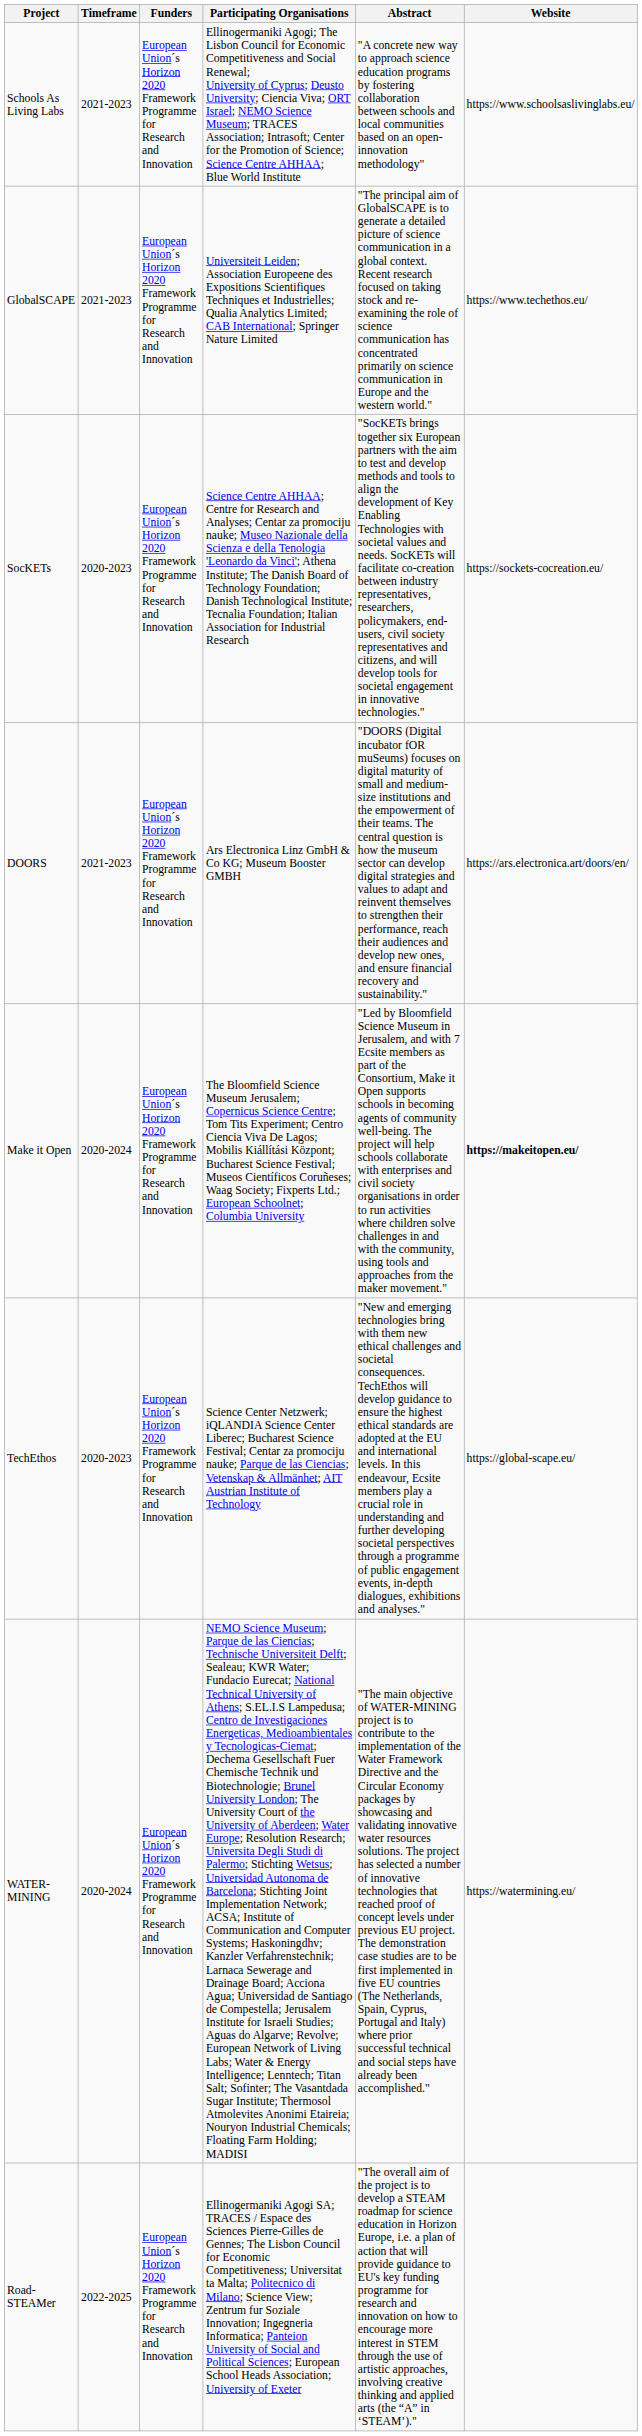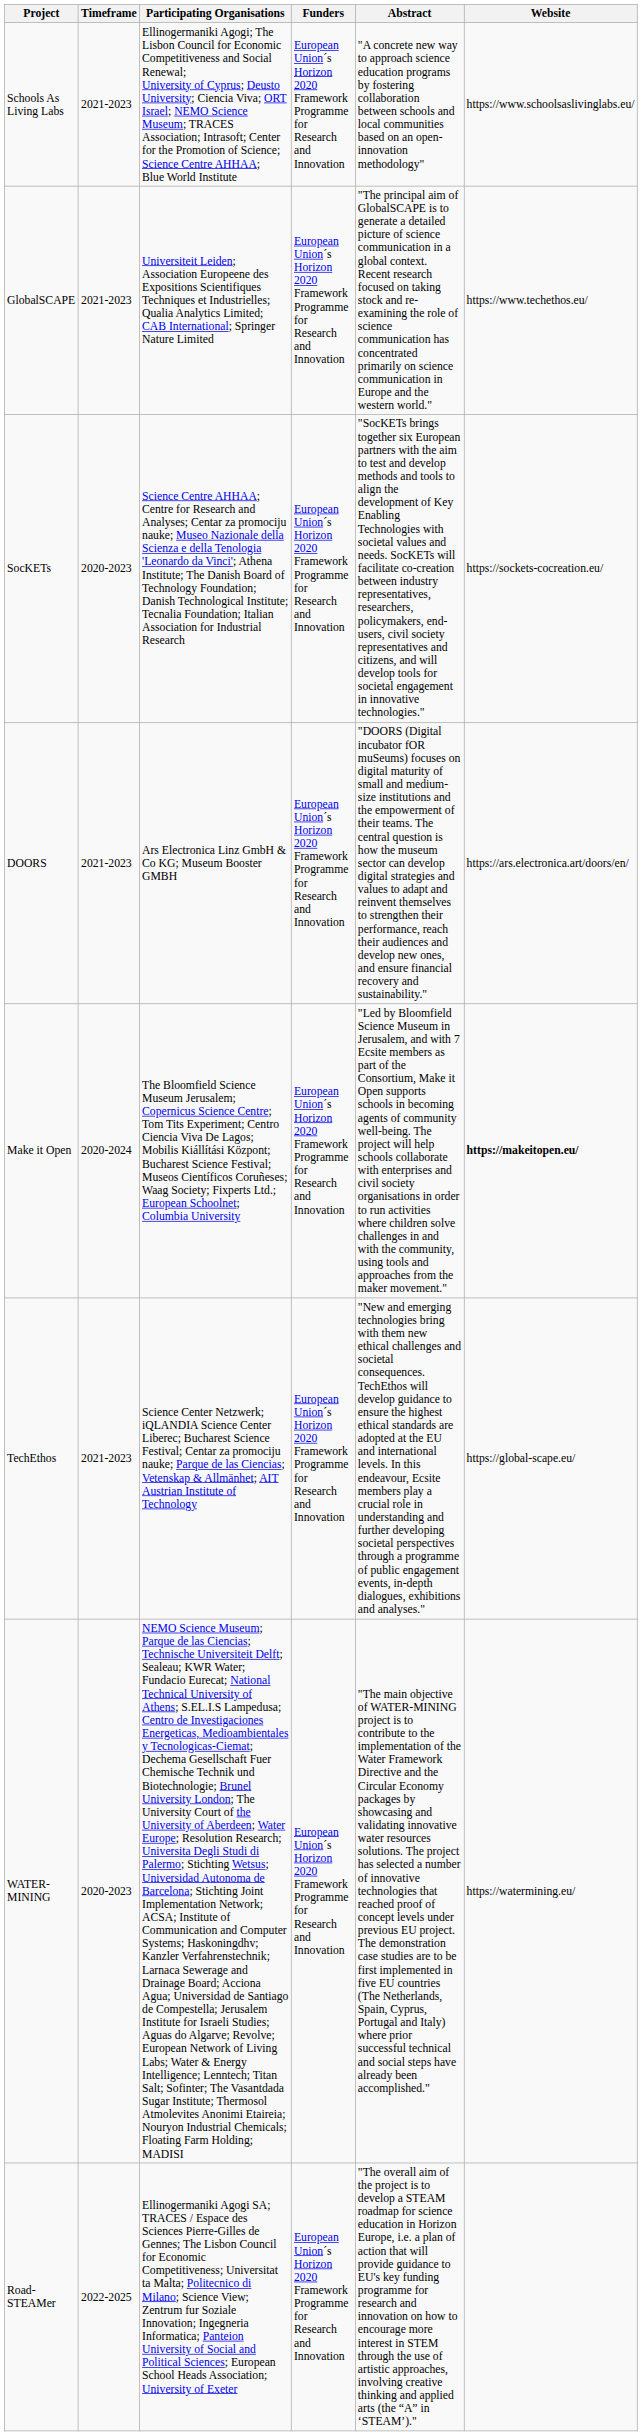 <table class="wikitable">
 <tr>
 <th>Project</th>
 <th>Timeframe</th>
+<th>Participating Organisations</th>
 <th>Funders</th>
-<th>Participating Organisations</th>
 <th>Abstract</th>
 <th>Website</th>
 </tr>
 <tr>
 <td>Schools As Living Labs</td>
 <td>2021-2023</td>
+<td>Ellinogermaniki Agogi; The Lisbon Council for Economic Competitiveness and Social Renewal;<br><a href='#'>University of Cyprus</a>; <a href='#'>Deusto University</a>; Ciencia Viva; <a href='#'>ORT Israel</a>; <a href='#'>NEMO Science Museum</a>; TRACES Association; Intrasoft; Center for the Promotion of Science; <a href='#'>Science Centre AHHAA</a>;<br>Blue World Institute</td>
 <td><a href='#'>European Union</a>´s <a href='#'>Horizon 2020</a> Framework Programme for Research and Innovation</td>
-<td>Ellinogermaniki Agogi; The Lisbon Council for Economic Competitiveness and Social Renewal;<br><a href='#'>University of Cyprus</a>; <a href='#'>Deusto University</a>; Ciencia Viva; <a href='#'>ORT Israel</a>; <a href='#'>NEMO Science Museum</a>; TRACES Association; Intrasoft; Center for the Promotion of Science; <a href='#'>Science Centre AHHAA</a>;<br>Blue World Institute</td>
 <td>"A concrete new way to approach science education programs by fostering collaboration between schools and local communities based on an open-innovation methodology"</td>
 <td>https://www.schoolsaslivinglabs.eu/</td>
 </tr>
 <tr>
 <td>GlobalSCAPE</td>
 <td>2021-2023</td>
+<td><a href='#'>Universiteit Leiden</a>; Association Europeene des Expositions Scientifiques Techniques et Industrielles; Qualia Analytics Limited; <a href='#'>CAB International</a>; Springer Nature Limited</td>
 <td><a href='#'>European Union</a>´s <a href='#'>Horizon 2020</a> Framework Programme for Research and Innovation</td>
-<td><a href='#'>Universiteit Leiden</a>; Association Europeene des Expositions Scientifiques Techniques et Industrielles; Qualia Analytics Limited; <a href='#'>CAB International</a>; Springer Nature Limited</td>
 <td>"The principal aim of GlobalSCAPE is to generate a detailed picture of science communication in a global context. Recent research focused on taking stock and re-examining the role of science communication has concentrated primarily on science communication in Europe and the western world."</td>
 <td>https://www.techethos.eu/</td>
 </tr>
 <tr>
 <td>SocKETs</td>
 <td>2020-2023</td>
+<td><a href='#'>Science Centre AHHAA</a>; Centre for Research and Analyses; Centar za promociju nauke; <a href='#'>Museo Nazionale della Scienza e della Tenologia 'Leonardo da Vinci'</a>; Athena Institute; The Danish Board of Technology Foundation; Danish Technological Institute; Tecnalia Foundation; Italian Association for Industrial Research</td>
 <td><a href='#'>European Union</a>´s <a href='#'>Horizon 2020</a> Framework Programme for Research and Innovation</td>
-<td><a href='#'>Science Centre AHHAA</a>; Centre for Research and Analyses; Centar za promociju nauke; <a href='#'>Museo Nazionale della Scienza e della Tenologia 'Leonardo da Vinci'</a>; Athena Institute; The Danish Board of Technology Foundation; Danish Technological Institute; Tecnalia Foundation; Italian Association for Industrial Research</td>
 <td>"SocKETs brings together six European partners with the aim to test and develop methods and tools to align the development of Key Enabling Technologies with societal values and needs. SocKETs will facilitate co-creation between industry representatives, researchers, policymakers, end-users, civil society representatives and citizens, and will develop tools for societal engagement in innovative technologies."</td>
 <td>https://sockets-cocreation.eu/</td>
 </tr>
 <tr>
 <td>DOORS</td>
 <td>2021-2023</td>
+<td>Ars Electronica Linz GmbH & Co KG; Museum Booster GMBH</td>
 <td><a href='#'>European Union</a>´s <a href='#'>Horizon 2020</a> Framework Programme for Research and Innovation</td>
-<td>Ars Electronica Linz GmbH & Co KG; Museum Booster GMBH</td>
 <td>"DOORS (Digital incubator fOR muSeums) focuses on digital maturity of small and medium-size institutions and the empowerment of their teams. The central question is how the museum sector can develop digital strategies and values to adapt and reinvent themselves to strengthen their performance, reach their audiences and develop new ones, and ensure financial recovery and sustainability."</td>
 <td>https://ars.electronica.art/doors/en/</td>
 </tr>
 <tr>
 <td>Make it Open</td>
 <td>2020-2024</td>
+<td>The Bloomfield Science Museum Jerusalem; <a href='#'>Copernicus Science Centre</a>; Tom Tits Experiment; Centro Ciencia Viva De Lagos; Mobilis Kiállítási Központ; Bucharest Science Festival; Museos Científicos Coruñeses; Waag Society; Fixperts Ltd.; <a href='#'>European Schoolnet</a>; <a href='#'>Columbia University</a></td>
 <td><a href='#'>European Union</a>´s <a href='#'>Horizon 2020</a> Framework Programme for Research and Innovation</td>
-<td>The Bloomfield Science Museum Jerusalem; <a href='#'>Copernicus Science Centre</a>; Tom Tits Experiment; Centro Ciencia Viva De Lagos; Mobilis Kiállítási Központ; Bucharest Science Festival; Museos Científicos Coruñeses; Waag Society; Fixperts Ltd.; <a href='#'>European Schoolnet</a>; <a href='#'>Columbia University</a></td>
 <td>"Led by Bloomfield Science Museum in Jerusalem, and with 7 Ecsite members as part of the Consortium, Make it Open supports schools in becoming agents of community well-being. The project will help schools collaborate with enterprises and civil society organisations in order to run activities where children solve challenges in and with the community, using tools and approaches from the maker movement."</td>
 <td><strong>https://makeitopen.eu/</strong></td>
 </tr>
 <tr>
 <td>TechEthos</td>
-<td>2020-2023</td>
+<td>2021-2023</td>
+<td>Science Center Netzwerk; iQLANDIA Science Center Liberec; Bucharest Science Festival; Centar za promociju nauke; <a href='#'>Parque de las Ciencias</a>; <a href='#'>Vetenskap & Allmänhet</a>; <a href='#'>AIT Austrian Institute of Technology</a></td>
 <td><a href='#'>European Union</a>´s <a href='#'>Horizon 2020</a> Framework Programme for Research and Innovation</td>
-<td>Science Center Netzwerk; iQLANDIA Science Center Liberec; Bucharest Science Festival; Centar za promociju nauke; <a href='#'>Parque de las Ciencias</a>; <a href='#'>Vetenskap & Allmänhet</a>; <a href='#'>AIT Austrian Institute of Technology</a></td>
 <td>"New and emerging technologies bring with them new ethical challenges and societal consequences. TechEthos will develop guidance to ensure the highest ethical standards are adopted at the EU and international levels. In this endeavour, Ecsite members play a crucial role in understanding and further developing societal perspectives through a programme of public engagement events, in-depth dialogues, exhibitions and analyses."</td>
 <td>https://global-scape.eu/</td>
 </tr>
 <tr>
 <td>WATER-MINING</td>
-<td>2020-2024</td>
+<td>2020-2023</td>
+<td><a href='#'>NEMO Science Museum</a>; <a href='#'>Parque de las Ciencias</a>; <a href='#'>Technische Universiteit Delft</a>; Sealeau; KWR Water; Fundacio Eurecat; <a href='#'>National Technical University of Athens</a>; S.EL.I.S Lampedusa; <a href='#'>Centro de Investigaciones Energeticas, Medioambientales y Tecnologicas-Ciemat</a>; Dechema Gesellschaft Fuer Chemische Technik und Biotechnologie; <a href='#'>Brunel University London</a>; The University Court of <a href='#'>the University of Aberdeen</a>; <a href='#'>Water Europe</a>; Resolution Research; <a href='#'>Universita Degli Studi di Palermo</a>; Stichting <a href='#'>Wetsus</a>; <a href='#'>Universidad Autonoma de Barcelona</a>; Stichting Joint Implementation Network; ACSA; Institute of Communication and Computer Systems; Haskoningdhv; Kanzler Verfahrenstechnik; Larnaca Sewerage and Drainage Board; Acciona Agua; Universidad de Santiago de Compestella; Jerusalem Institute for Israeli Studies; Aguas do Algarve; Revolve; European Network of Living Labs; Water & Energy Intelligence; Lenntech; Titan Salt; Sofinter; The Vasantdada Sugar Institute; Thermosol Atmolevites Anonimi Etaireia; Nouryon Industrial Chemicals; Floating Farm Holding; MADISI</td>
 <td><a href='#'>European Union</a>´s <a href='#'>Horizon 2020</a> Framework Programme for Research and Innovation</td>
-<td><a href='#'>NEMO Science Museum</a>; <a href='#'>Parque de las Ciencias</a>; <a href='#'>Technische Universiteit Delft</a>; Sealeau; KWR Water; Fundacio Eurecat; <a href='#'>National Technical University of Athens</a>; S.EL.I.S Lampedusa; <a href='#'>Centro de Investigaciones Energeticas, Medioambientales y Tecnologicas-Ciemat</a>; Dechema Gesellschaft Fuer Chemische Technik und Biotechnologie; <a href='#'>Brunel University London</a>; The University Court of <a href='#'>the University of Aberdeen</a>; <a href='#'>Water Europe</a>; Resolution Research; <a href='#'>Universita Degli Studi di Palermo</a>; Stichting <a href='#'>Wetsus</a>; <a href='#'>Universidad Autonoma de Barcelona</a>; Stichting Joint Implementation Network; ACSA; Institute of Communication and Computer Systems; Haskoningdhv; Kanzler Verfahrenstechnik; Larnaca Sewerage and Drainage Board; Acciona Agua; Universidad de Santiago de Compestella; Jerusalem Institute for Israeli Studies; Aguas do Algarve; Revolve; European Network of Living Labs; Water & Energy Intelligence; Lenntech; Titan Salt; Sofinter; The Vasantdada Sugar Institute; Thermosol Atmolevites Anonimi Etaireia; Nouryon Industrial Chemicals; Floating Farm Holding; MADISI</td>
 <td>"The main objective of WATER-MINING project is to contribute to the implementation of the Water Framework Directive and the Circular Economy packages by showcasing and validating innovative water resources solutions. The project has selected a number of innovative technologies that reached proof of concept levels under previous EU project. The demonstration case studies are to be first implemented in five EU countries (The Netherlands, Spain, Cyprus, Portugal and Italy) where prior successful technical and social steps have already been accomplished."</td>
 <td>https://watermining.eu/</td>
 </tr>
 <tr>
 <td>Road-STEAMer</td>
 <td>2022-2025</td>
+<td>Ellinogermaniki Agogi SA; TRACES / Espace des Sciences Pierre-Gilles de Gennes; The Lisbon Council for Economic Competitiveness; Universitat ta Malta; <a href='#'>Politecnico di Milano</a>; Science View; Zentrum fur Soziale Innovation; Ingegneria Informatica; <a href='#'>Panteion University of Social and Political Sciences</a>; European School Heads Association; <a href='#'>University of Exeter</a></td>
 <td><a href='#'>European Union</a>´s <a href='#'>Horizon 2020</a> Framework Programme for Research and Innovation</td>
-<td>Ellinogermaniki Agogi SA; TRACES / Espace des Sciences Pierre-Gilles de Gennes; The Lisbon Council for Economic Competitiveness; Universitat ta Malta; <a href='#'>Politecnico di Milano</a>; Science View; Zentrum fur Soziale Innovation; Ingegneria Informatica; <a href='#'>Panteion University of Social and Political Sciences</a>; European School Heads Association; <a href='#'>University of Exeter</a></td>
 <td>"The overall aim of the project is to develop a STEAM roadmap for science education in Horizon Europe, i.e. a plan of action that will provide guidance to EU's key funding programme for research and innovation on how to encourage more interest in STEM through the use of artistic approaches, involving creative thinking and applied arts (the “A” in ‘STEAM’)."</td>
 <td></td>
 </tr>
 </table>
